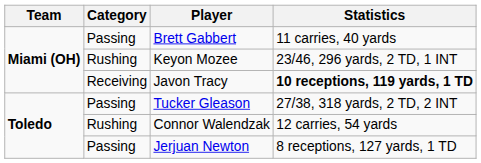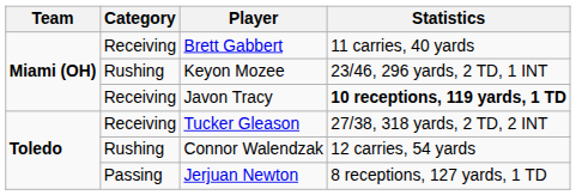 <table class="wikitable" style="float: right;">
 <tr>
 <th>Team</th>
 <th>Category</th>
 <th>Player</th>
 <th>Statistics</th>
 </tr>
 <tr>
 <td rowspan=3><strong>Miami (OH)</strong></td>
-<td>Passing</td>
+<td>Receiving</td>
 <td><a href='#'>Brett Gabbert</a></td>
 <td>11 carries, 40 yards</td>
 </tr>
 <tr>
 <td>Rushing</td>
 <td>Keyon Mozee</td>
 <td>23/46, 296 yards, 2 TD, 1 INT</td>
 </tr>
 <tr>
 <td>Receiving</td>
 <td>Javon Tracy</td>
 <td><strong>10 receptions, 119 yards, 1 TD</strong></td>
 </tr>
 <tr>
 <td rowspan=3><strong>Toledo</strong></td>
-<td>Passing</td>
+<td>Receiving</td>
 <td><a href='#'>Tucker Gleason</a></td>
 <td>27/38, 318 yards, 2 TD, 2 INT</td>
 </tr>
 <tr>
 <td>Rushing</td>
 <td>Connor Walendzak</td>
 <td>12 carries, 54 yards</td>
 </tr>
 <tr>
 <td>Passing</td>
 <td><a href='#'>Jerjuan Newton</a></td>
 <td>8 receptions, 127 yards, 1 TD</td>
 </tr>
 </table>
